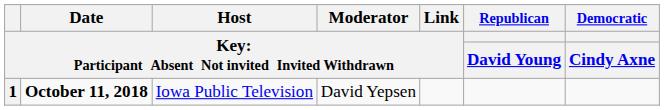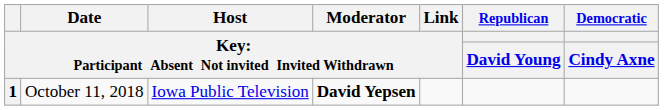 <table class="wikitable" style="text-align:center;">
 <tr>
 <th scope="col"></th>
 <th scope="col">Date</th>
 <th scope="col">Host</th>
 <th scope="col">Moderator</th>
 <th scope="col">Link</th>
 <th scope="col"><small><a href='#'>Republican</a></small></th>
 <th scope="col"><small><a href='#'>Democratic</a></small></th>
 </tr>
 <tr>
 <th colspan="5" rowspan="2">Key:<br> <small>Participant </small>  <small>Absent </small>  <small>Not invited </small>  <small>Invited  Withdrawn</small></th>
 <th scope="col" style="background:"></th>
 <th scope="col" style="background:"></th>
 </tr>
 <tr>
 <th scope="col"><a href='#'>David Young</a></th>
 <th scope="col"><a href='#'>Cindy Axne</a></th>
 </tr>
 <tr>
 <th>1</th>
-<td style="white-space:nowrap;"><strong>October 11, 2018</strong></td>
+<td style="white-space:nowrap;">October 11, 2018</td>
 <td style="white-space:nowrap;"><a href='#'>Iowa Public Television</a></td>
-<td style="white-space:nowrap;">David Yepsen</td>
+<td style="white-space:nowrap;"><strong>David Yepsen</strong></td>
 <td style="white-space:nowrap;"></td>
 <td></td>
 <td></td>
 </tr>
 </table>
